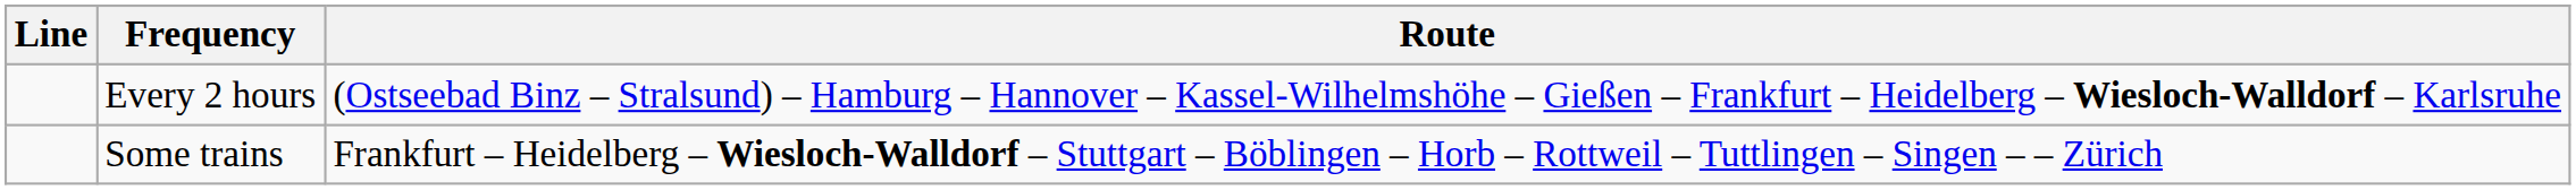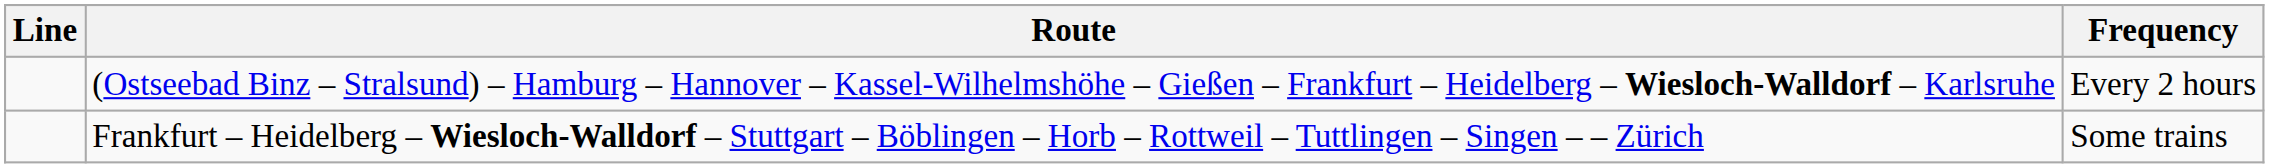 <table class="wikitable">
 <tr>
 <th>Line</th>
+<th>Route</th>
 <th>Frequency</th>
-<th>Route</th>
 </tr>
 <tr>
 <td></td>
+<td>(<a href='#'>Ostseebad Binz</a> – <a href='#'>Stralsund</a>) – <a href='#'>Hamburg</a> – <a href='#'>Hannover</a> – <a href='#'>Kassel-Wilhelmshöhe</a> – <a href='#'>Gießen</a> – <a href='#'>Frankfurt</a> – <a href='#'>Heidelberg</a> – <strong>Wiesloch-Walldorf</strong> – <a href='#'>Karlsruhe</a></td>
 <td>Every 2 hours</td>
-<td>(<a href='#'>Ostseebad Binz</a> – <a href='#'>Stralsund</a>) – <a href='#'>Hamburg</a> – <a href='#'>Hannover</a> – <a href='#'>Kassel-Wilhelmshöhe</a> – <a href='#'>Gießen</a> – <a href='#'>Frankfurt</a> – <a href='#'>Heidelberg</a> – <strong>Wiesloch-Walldorf</strong> – <a href='#'>Karlsruhe</a></td>
 </tr>
 <tr>
 <td></td>
+<td>Frankfurt – Heidelberg – <strong>Wiesloch-Walldorf</strong> – <a href='#'>Stuttgart</a> – <a href='#'>Böblingen</a> – <a href='#'>Horb</a> – <a href='#'>Rottweil</a> – <a href='#'>Tuttlingen</a> – <a href='#'>Singen</a> –  – <a href='#'>Zürich</a></td>
 <td>Some trains</td>
-<td>Frankfurt – Heidelberg – <strong>Wiesloch-Walldorf</strong> – <a href='#'>Stuttgart</a> – <a href='#'>Böblingen</a> – <a href='#'>Horb</a> – <a href='#'>Rottweil</a> – <a href='#'>Tuttlingen</a> – <a href='#'>Singen</a> –  – <a href='#'>Zürich</a></td>
 </tr>
 </table>
